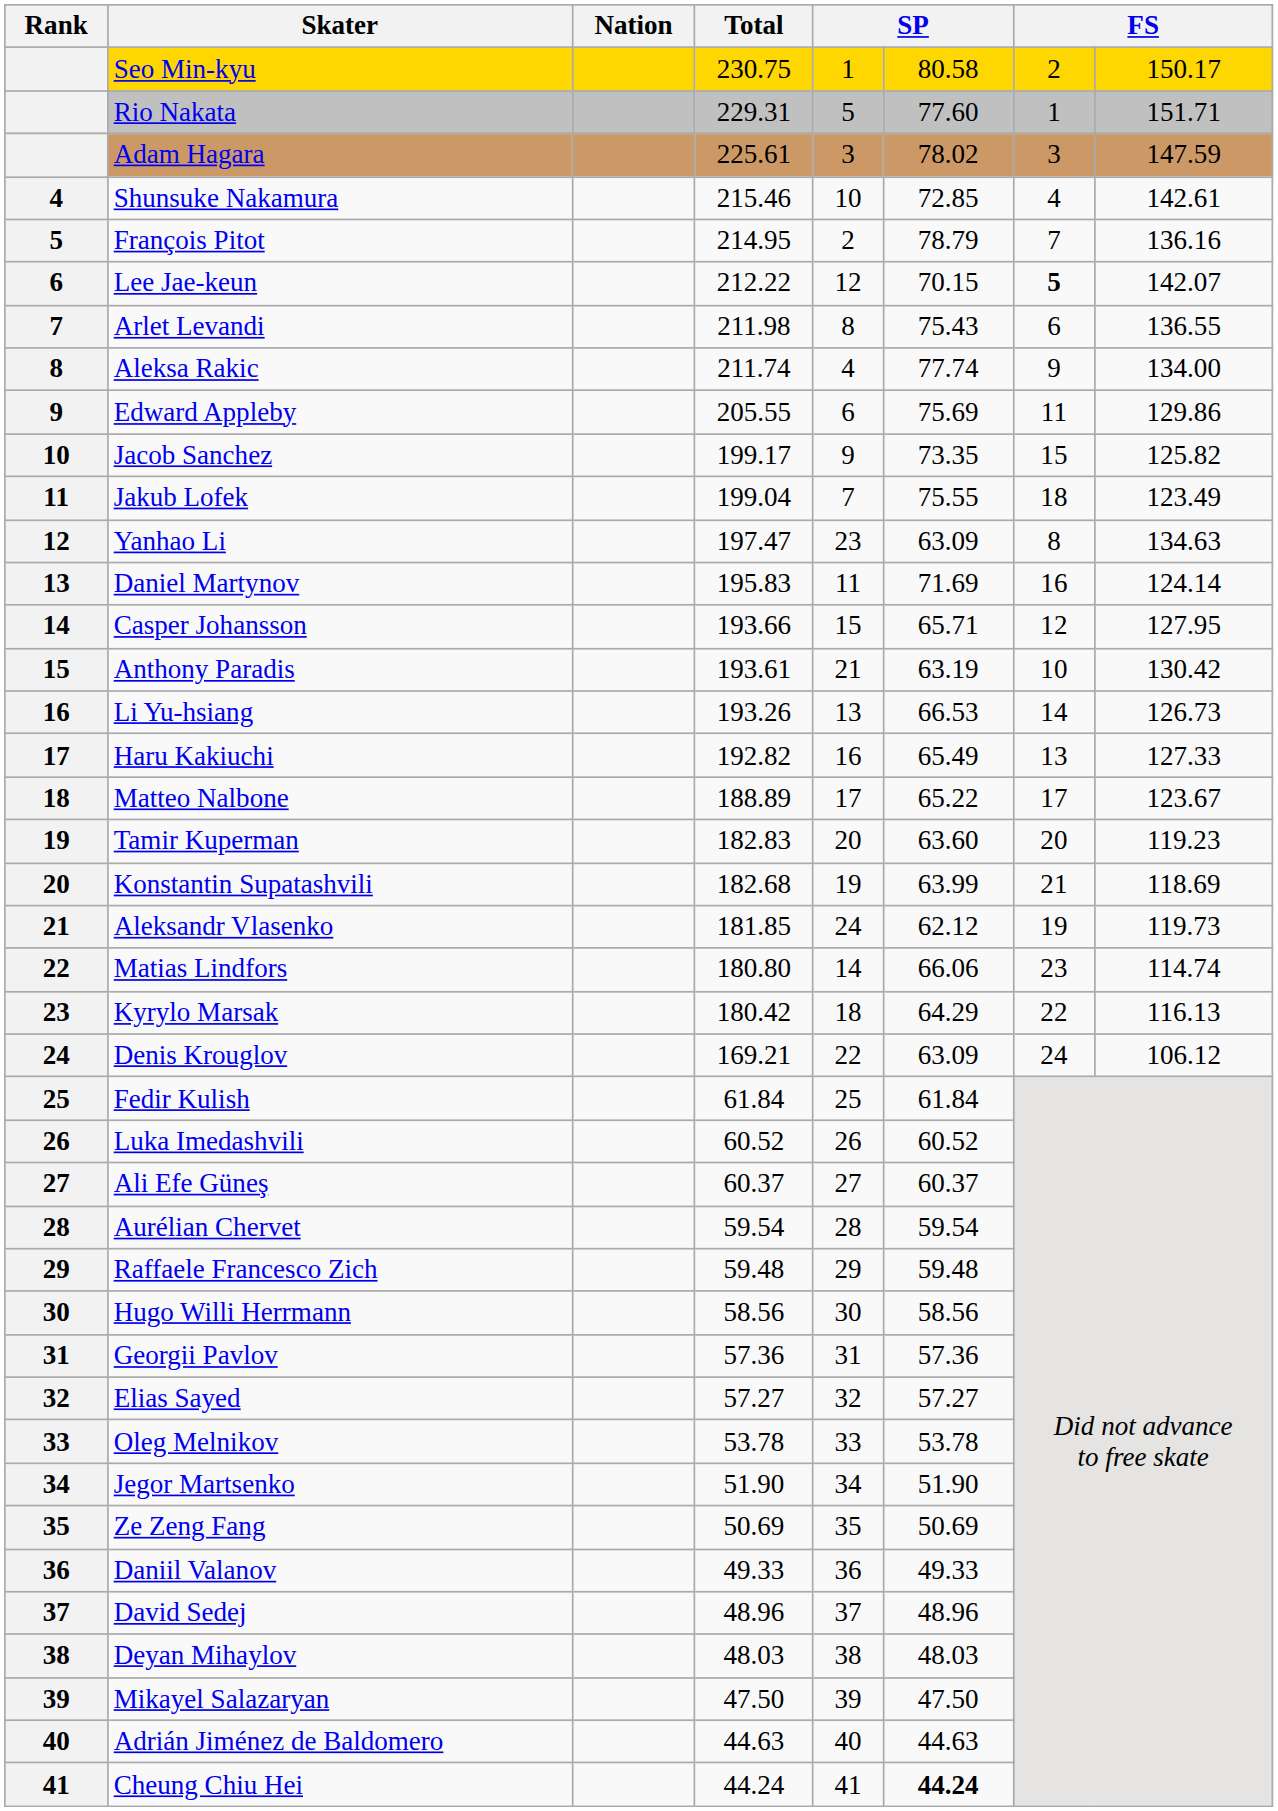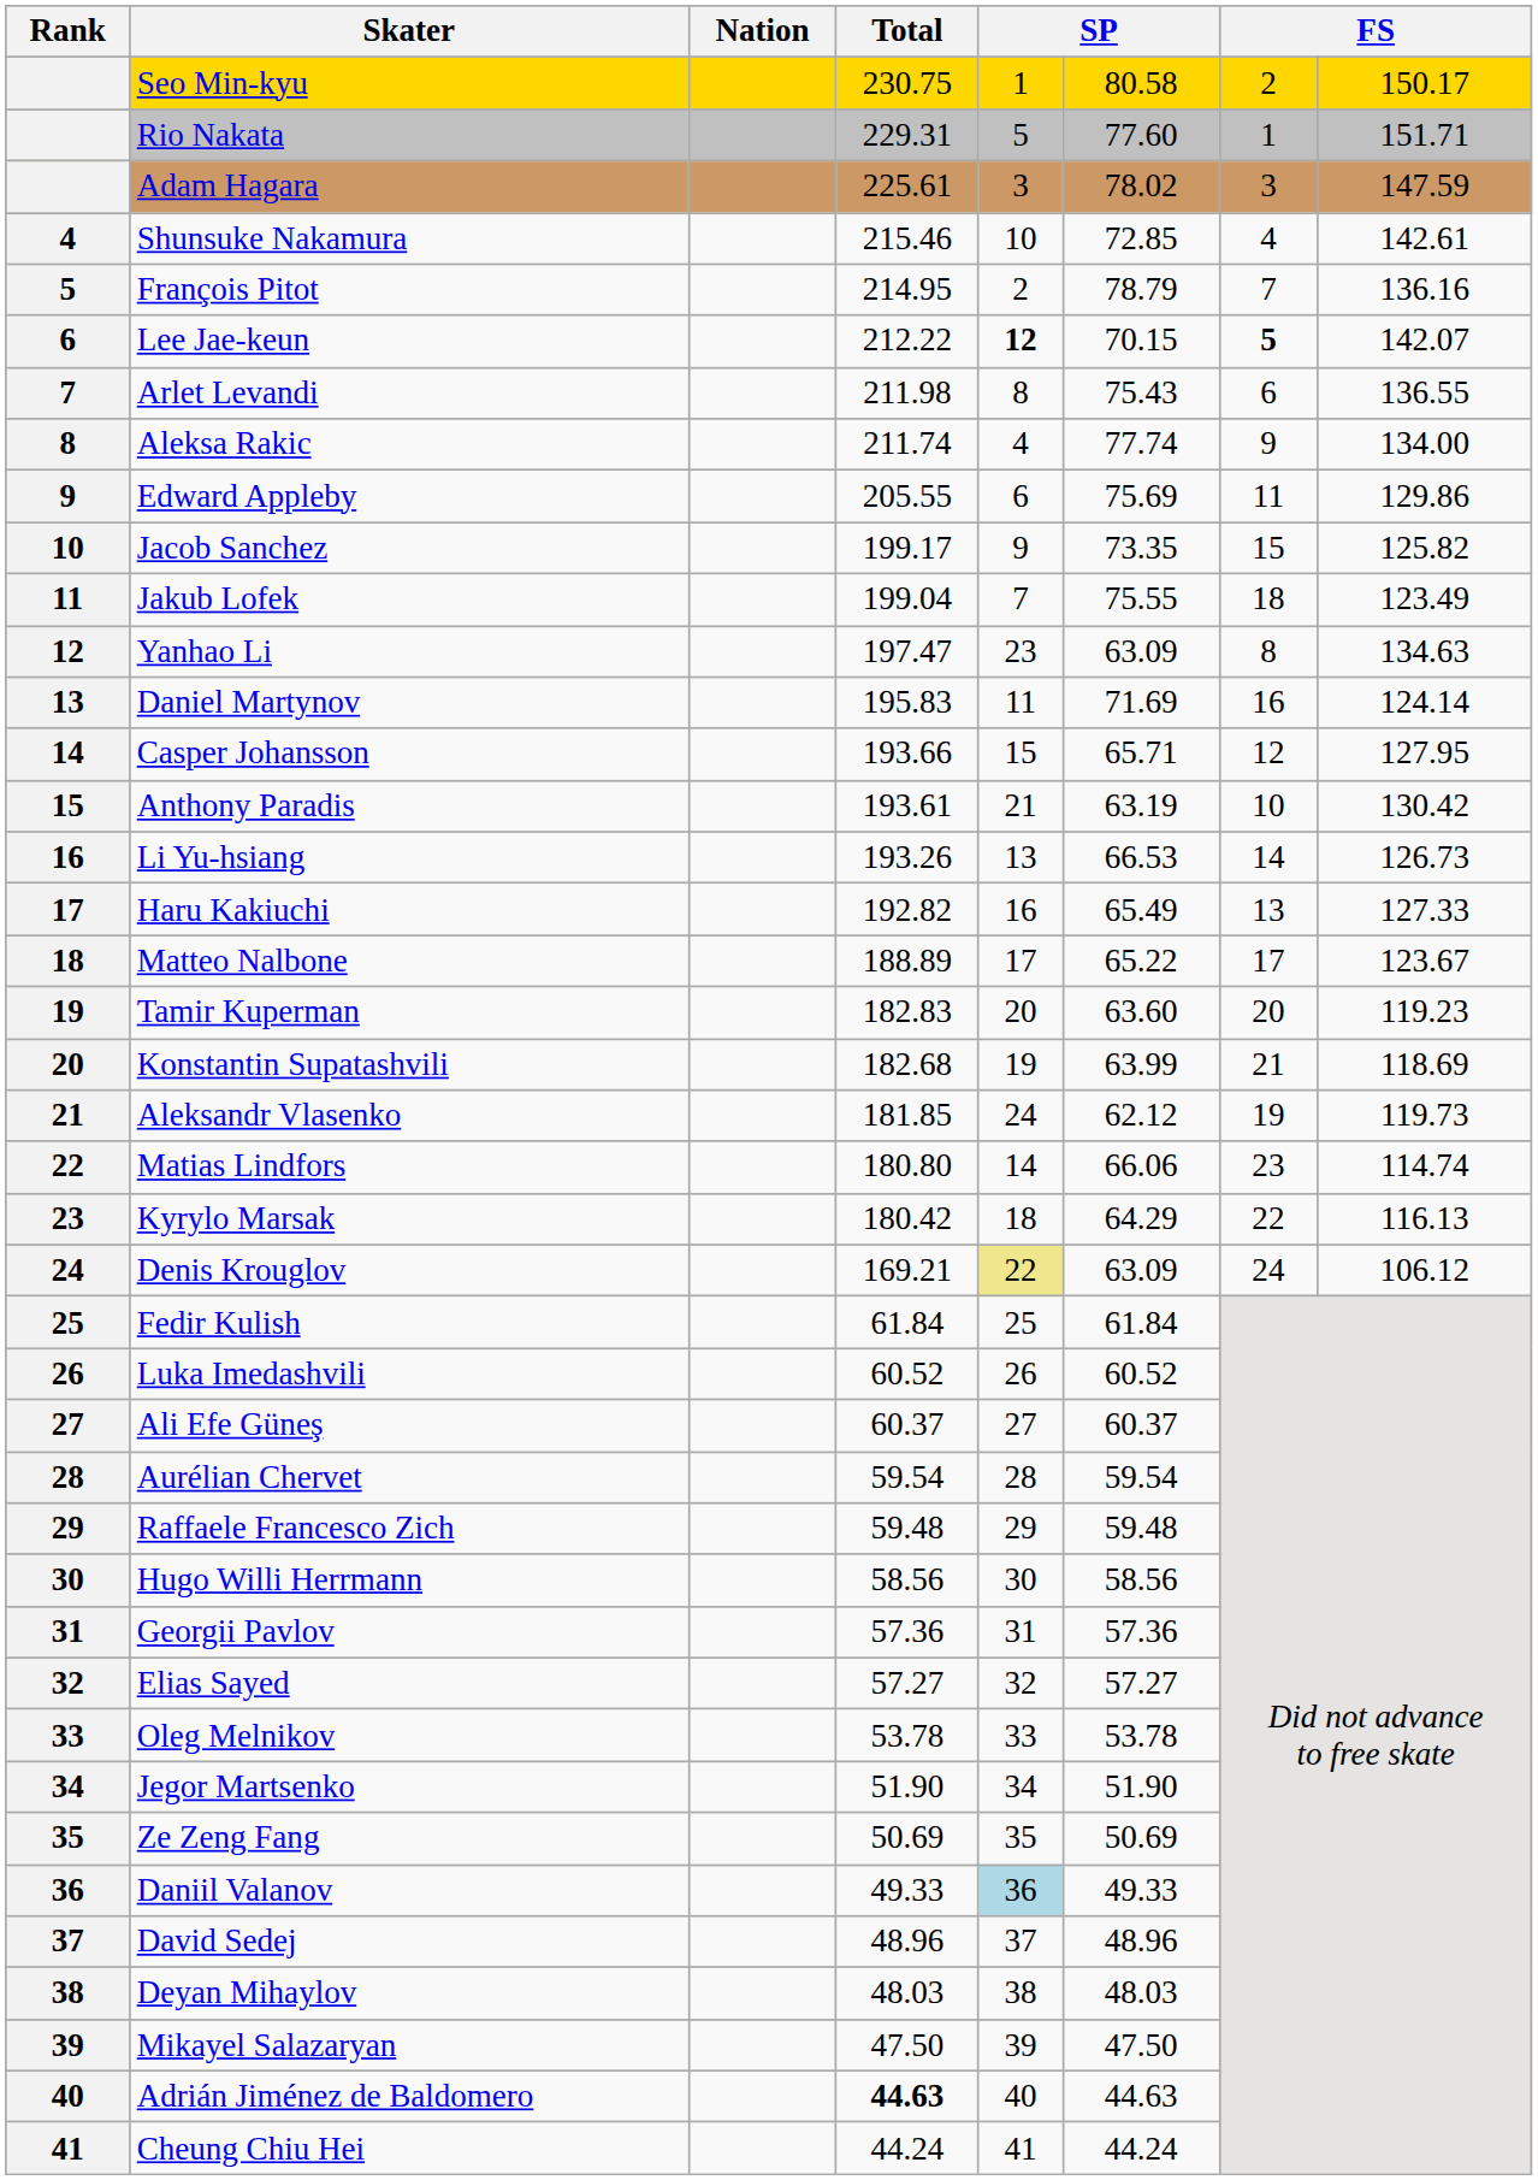 <table class="wikitable sortable" style="text-align:center; width:85%">
 <tr>
 <th scope="col">Rank</th>
 <th scope="col">Skater</th>
 <th scope="col">Nation</th>
 <th scope="col">Total</th>
 <th colspan="2" width="80px"><a href='#'>SP</a></th>
 <th colspan="2" width="80px"><a href='#'>FS</a></th>
 </tr>
 <tr bgcolor="gold">
 <th scope="row"></th>
 <td align="left"><a href='#'>Seo Min-kyu</a></td>
 <td align="left"></td>
 <td>230.75</td>
 <td>1</td>
 <td>80.58</td>
 <td>2</td>
 <td>150.17</td>
 </tr>
 <tr bgcolor="silver">
 <th scope="row"></th>
 <td align="left"><a href='#'>Rio Nakata</a></td>
 <td align="left"></td>
 <td>229.31</td>
 <td>5</td>
 <td>77.60</td>
 <td>1</td>
 <td>151.71</td>
 </tr>
 <tr bgcolor="#cc9966">
 <th scope="row"></th>
 <td align="left"><a href='#'>Adam Hagara</a></td>
 <td align="left"></td>
 <td>225.61</td>
 <td>3</td>
 <td>78.02</td>
 <td>3</td>
 <td>147.59</td>
 </tr>
 <tr>
 <th scope="row">4</th>
 <td align="left"><a href='#'>Shunsuke Nakamura</a></td>
 <td align="left"></td>
 <td>215.46</td>
 <td>10</td>
 <td>72.85</td>
 <td>4</td>
 <td>142.61</td>
 </tr>
 <tr>
 <th scope="row">5</th>
 <td align="left"><a href='#'>François Pitot</a></td>
 <td align="left"></td>
 <td>214.95</td>
 <td>2</td>
 <td>78.79</td>
 <td>7</td>
 <td>136.16</td>
 </tr>
 <tr>
 <th scope="row">6</th>
 <td align="left"><a href='#'>Lee Jae-keun</a></td>
 <td align="left"></td>
 <td>212.22</td>
-<td>12</td>
+<td><strong>12</strong></td>
 <td>70.15</td>
 <td><strong>5</strong></td>
 <td>142.07</td>
 </tr>
 <tr>
 <th scope="row">7</th>
 <td align="left"><a href='#'>Arlet Levandi</a></td>
 <td align="left"></td>
 <td>211.98</td>
 <td>8</td>
 <td>75.43</td>
 <td>6</td>
 <td>136.55</td>
 </tr>
 <tr>
 <th scope="row">8</th>
 <td align="left"><a href='#'>Aleksa Rakic</a></td>
 <td align="left"></td>
 <td>211.74</td>
 <td>4</td>
 <td>77.74</td>
 <td>9</td>
 <td>134.00</td>
 </tr>
 <tr>
 <th scope="row">9</th>
 <td align="left"><a href='#'>Edward Appleby</a></td>
 <td align="left"></td>
 <td>205.55</td>
 <td>6</td>
 <td>75.69</td>
 <td>11</td>
 <td>129.86</td>
 </tr>
 <tr>
 <th scope="row">10</th>
 <td align="left"><a href='#'>Jacob Sanchez</a></td>
 <td align="left"></td>
 <td>199.17</td>
 <td>9</td>
 <td>73.35</td>
 <td>15</td>
 <td>125.82</td>
 </tr>
 <tr>
 <th scope="row">11</th>
 <td align="left"><a href='#'>Jakub Lofek</a></td>
 <td align="left"></td>
 <td>199.04</td>
 <td>7</td>
 <td>75.55</td>
 <td>18</td>
 <td>123.49</td>
 </tr>
 <tr>
 <th scope="row">12</th>
 <td align="left"><a href='#'>Yanhao Li</a></td>
 <td align="left"></td>
 <td>197.47</td>
 <td>23</td>
 <td>63.09</td>
 <td>8</td>
 <td>134.63</td>
 </tr>
 <tr>
 <th scope="row">13</th>
 <td align="left"><a href='#'>Daniel Martynov</a></td>
 <td align="left"></td>
 <td>195.83</td>
 <td>11</td>
 <td>71.69</td>
 <td>16</td>
 <td>124.14</td>
 </tr>
 <tr>
 <th scope="row">14</th>
 <td align="left"><a href='#'>Casper Johansson</a></td>
 <td align="left"></td>
 <td>193.66</td>
 <td>15</td>
 <td>65.71</td>
 <td>12</td>
 <td>127.95</td>
 </tr>
 <tr>
 <th scope="row">15</th>
 <td align="left"><a href='#'>Anthony Paradis</a></td>
 <td align="left"></td>
 <td>193.61</td>
 <td>21</td>
 <td>63.19</td>
 <td>10</td>
 <td>130.42</td>
 </tr>
 <tr>
 <th scope="row">16</th>
 <td align="left"><a href='#'>Li Yu-hsiang</a></td>
 <td align="left"></td>
 <td>193.26</td>
 <td>13</td>
 <td>66.53</td>
 <td>14</td>
 <td>126.73</td>
 </tr>
 <tr>
 <th scope="row">17</th>
 <td align="left"><a href='#'>Haru Kakiuchi</a></td>
 <td align="left"></td>
 <td>192.82</td>
 <td>16</td>
 <td>65.49</td>
 <td>13</td>
 <td>127.33</td>
 </tr>
 <tr>
 <th scope="row">18</th>
 <td align="left"><a href='#'>Matteo Nalbone</a></td>
 <td align="left"></td>
 <td>188.89</td>
 <td>17</td>
 <td>65.22</td>
 <td>17</td>
 <td>123.67</td>
 </tr>
 <tr>
 <th scope="row">19</th>
 <td align="left"><a href='#'>Tamir Kuperman</a></td>
 <td align="left"></td>
 <td>182.83</td>
 <td>20</td>
 <td>63.60</td>
 <td>20</td>
 <td>119.23</td>
 </tr>
 <tr>
 <th scope="row">20</th>
 <td align="left"><a href='#'>Konstantin Supatashvili</a></td>
 <td align="left"></td>
 <td>182.68</td>
 <td>19</td>
 <td>63.99</td>
 <td>21</td>
 <td>118.69</td>
 </tr>
 <tr>
 <th scope="row">21</th>
 <td align="left"><a href='#'>Aleksandr Vlasenko</a></td>
 <td align="left"></td>
 <td>181.85</td>
 <td>24</td>
 <td>62.12</td>
 <td>19</td>
 <td>119.73</td>
 </tr>
 <tr>
 <th scope="row">22</th>
 <td align="left"><a href='#'>Matias Lindfors</a></td>
 <td align="left"></td>
 <td>180.80</td>
 <td>14</td>
 <td>66.06</td>
 <td>23</td>
 <td>114.74</td>
 </tr>
 <tr>
 <th scope="row">23</th>
 <td align="left"><a href='#'>Kyrylo Marsak</a></td>
 <td align="left"></td>
 <td>180.42</td>
 <td>18</td>
 <td>64.29</td>
 <td>22</td>
 <td>116.13</td>
 </tr>
 <tr>
 <th scope="row">24</th>
 <td align="left"><a href='#'>Denis Krouglov</a></td>
 <td align="left"></td>
 <td>169.21</td>
-<td>22</td>
+<td style="background: khaki;">22</td>
 <td>63.09</td>
 <td>24</td>
 <td>106.12</td>
 </tr>
 <tr>
 <th scope="row">25</th>
 <td align="left"><a href='#'>Fedir Kulish</a></td>
 <td align="left"></td>
 <td>61.84</td>
 <td>25</td>
 <td>61.84</td>
 <td colspan="2" rowspan="17" bgcolor="e5e4e2"><em>Did not advance<br>to free skate</em></td>
 </tr>
 <tr>
 <th scope="row">26</th>
 <td align="left"><a href='#'>Luka Imedashvili</a></td>
 <td align="left"></td>
 <td>60.52</td>
 <td>26</td>
 <td>60.52</td>
 </tr>
 <tr>
 <th scope="row">27</th>
 <td align="left"><a href='#'>Ali Efe Güneş</a></td>
 <td align="left"></td>
 <td>60.37</td>
 <td>27</td>
 <td>60.37</td>
 </tr>
 <tr>
 <th scope="row">28</th>
 <td align="left"><a href='#'>Aurélian Chervet</a></td>
 <td align="left"></td>
 <td>59.54</td>
 <td>28</td>
 <td>59.54</td>
 </tr>
 <tr>
 <th scope="row">29</th>
 <td align="left"><a href='#'>Raffaele Francesco Zich</a></td>
 <td align="left"></td>
 <td>59.48</td>
 <td>29</td>
 <td>59.48</td>
 </tr>
 <tr>
 <th scope="row">30</th>
 <td align="left"><a href='#'>Hugo Willi Herrmann</a></td>
 <td align="left"></td>
 <td>58.56</td>
 <td>30</td>
 <td>58.56</td>
 </tr>
 <tr>
 <th scope="row">31</th>
 <td align="left"><a href='#'>Georgii Pavlov</a></td>
 <td align="left"></td>
 <td>57.36</td>
 <td>31</td>
 <td>57.36</td>
 </tr>
 <tr>
 <th scope="row">32</th>
 <td align="left"><a href='#'>Elias Sayed</a></td>
 <td align="left"></td>
 <td>57.27</td>
 <td>32</td>
 <td>57.27</td>
 </tr>
 <tr>
 <th scope="row">33</th>
 <td align="left"><a href='#'>Oleg Melnikov</a></td>
 <td align="left"></td>
 <td>53.78</td>
 <td>33</td>
 <td>53.78</td>
 </tr>
 <tr>
 <th scope="row">34</th>
 <td align="left"><a href='#'>Jegor Martsenko</a></td>
 <td align="left"></td>
 <td>51.90</td>
 <td>34</td>
 <td>51.90</td>
 </tr>
 <tr>
 <th scope="row">35</th>
 <td align="left"><a href='#'>Ze Zeng Fang</a></td>
 <td align="left"></td>
 <td>50.69</td>
 <td>35</td>
 <td>50.69</td>
 </tr>
 <tr>
 <th scope="row">36</th>
 <td align="left"><a href='#'>Daniil Valanov</a></td>
 <td align="left"></td>
 <td>49.33</td>
-<td>36</td>
+<td style="background: lightblue;">36</td>
 <td>49.33</td>
 </tr>
 <tr>
 <th scope="row">37</th>
 <td align="left"><a href='#'>David Sedej</a></td>
 <td align="left"></td>
 <td>48.96</td>
 <td>37</td>
 <td>48.96</td>
 </tr>
 <tr>
 <th scope="row">38</th>
 <td align="left"><a href='#'>Deyan Mihaylov</a></td>
 <td align="left"></td>
 <td>48.03</td>
 <td>38</td>
 <td>48.03</td>
 </tr>
 <tr>
 <th scope="row">39</th>
 <td align="left"><a href='#'>Mikayel Salazaryan</a></td>
 <td align="left"></td>
 <td>47.50</td>
 <td>39</td>
 <td>47.50</td>
 </tr>
 <tr>
 <th scope="row">40</th>
 <td align="left"><a href='#'>Adrián Jiménez de Baldomero</a></td>
 <td align="left"></td>
-<td>44.63</td>
+<td><strong>44.63</strong></td>
 <td>40</td>
 <td>44.63</td>
 </tr>
 <tr>
 <th scope="row">41</th>
 <td align="left"><a href='#'>Cheung Chiu Hei</a></td>
 <td align="left"></td>
 <td>44.24</td>
 <td>41</td>
-<td><strong>44.24</strong></td>
+<td>44.24</td>
 </tr>
 </table>
